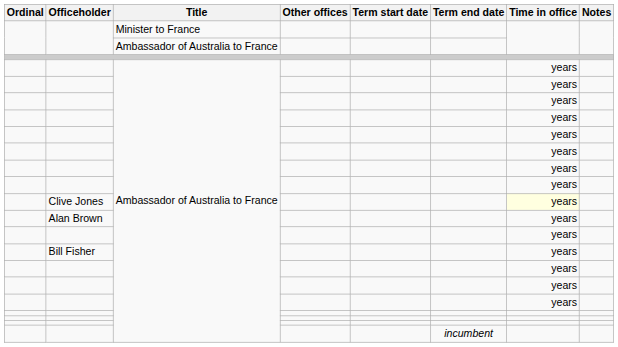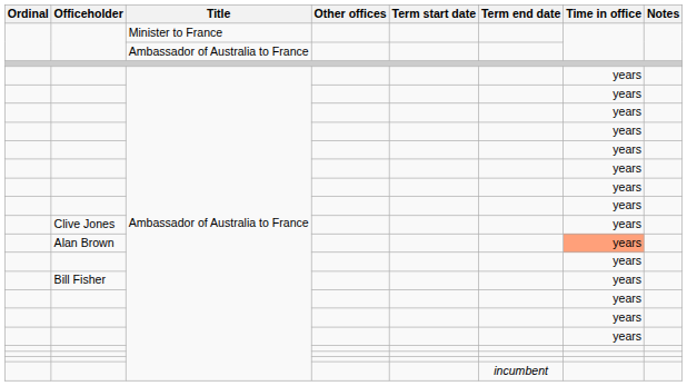 <table class='wikitable sortable'>
 <tr>
 <th>Ordinal</th>
 <th>Officeholder</th>
 <th>Title</th>
 <th>Other offices</th>
 <th>Term start date</th>
 <th>Term end date</th>
 <th>Time in office</th>
 <th>Notes</th>
 </tr>
 <tr>
 <td rowspan=2 align=center></td>
 <td rowspan=2> </td>
 <td>Minister to France</td>
 <td></td>
 <td align=center></td>
 <td align=center></td>
 <td rowspan=2 align=right></td>
 <td rowspan=2></td>
 </tr>
 <tr>
 <td>Ambassador of Australia to France</td>
 <td></td>
 <td align=center></td>
 <td align=center></td>
 </tr>
 <tr>
 <th colspan=8 style="background: #cccccc;"></th>
 </tr>
 <tr>
 <td align=center></td>
 <td> </td>
 <td rowspan=19>Ambassador of Australia to France</td>
 <td></td>
 <td align=center></td>
 <td align=center></td>
 <td align=right> years</td>
 <td></td>
 </tr>
 <tr>
 <td align=center></td>
 <td> </td>
 <td></td>
 <td align=center></td>
 <td align=center></td>
 <td align=right> years</td>
 <td></td>
 </tr>
 <tr>
 <td align=center></td>
 <td> </td>
 <td></td>
 <td align=center></td>
 <td align=center></td>
 <td align=right> years</td>
 <td></td>
 </tr>
 <tr>
 <td align=center></td>
 <td> </td>
 <td></td>
 <td align=center></td>
 <td align=center></td>
 <td align=right> years</td>
 <td></td>
 </tr>
 <tr>
 <td align=center></td>
 <td></td>
 <td></td>
 <td align=center></td>
 <td align=center></td>
 <td align=right> years</td>
 <td></td>
 </tr>
 <tr>
 <td align=center></td>
 <td> </td>
 <td></td>
 <td align=center></td>
 <td align=center></td>
 <td align=right> years</td>
 <td></td>
 </tr>
 <tr>
 <td align=center></td>
 <td></td>
 <td></td>
 <td align=center></td>
 <td align=center></td>
 <td align=right> years</td>
 <td></td>
 </tr>
 <tr>
 <td align=center></td>
 <td> </td>
 <td></td>
 <td align=center></td>
 <td align=center></td>
 <td align=right> years</td>
 <td></td>
 </tr>
 <tr>
 <td align=center></td>
 <td>Clive Jones</td>
 <td></td>
 <td align=center></td>
 <td align=center></td>
-<td align=right style="background: lightyellow;"> years</td>
+<td align=right> years</td>
 <td></td>
 </tr>
 <tr>
 <td align=center></td>
 <td>Alan Brown</td>
 <td></td>
 <td align=center></td>
 <td align=center></td>
-<td align=right> years</td>
+<td align=right style="background: lightsalmon;"> years</td>
 <td></td>
 </tr>
 <tr>
 <td align=center></td>
 <td> </td>
 <td></td>
 <td align=center></td>
 <td align=center></td>
 <td align=right> years</td>
 <td></td>
 </tr>
 <tr>
 <td align=center></td>
 <td>Bill Fisher</td>
 <td></td>
 <td align=center></td>
 <td align=center></td>
 <td align=right> years</td>
 <td></td>
 </tr>
 <tr>
 <td align=center></td>
 <td> </td>
 <td></td>
 <td align=center></td>
 <td align=center></td>
 <td align=right> years</td>
 <td></td>
 </tr>
 <tr>
 <td align=center></td>
 <td> </td>
 <td></td>
 <td align=center></td>
 <td align=center></td>
 <td align=right> years</td>
 <td></td>
 </tr>
 <tr>
 <td align=center></td>
 <td></td>
 <td></td>
 <td align=center></td>
 <td align=center></td>
 <td align=right> years</td>
 <td></td>
 </tr>
 <tr>
 <td align=center></td>
 <td> </td>
 <td></td>
 <td align=center></td>
 <td align=center></td>
 <td align=right></td>
 <td></td>
 </tr>
 <tr>
 <td align=center></td>
 <td></td>
 <td></td>
 <td align=center></td>
 <td align=center></td>
 <td align=right></td>
 <td></td>
 </tr>
 <tr>
 <td align=center></td>
 <td> </td>
 <td></td>
 <td align=center></td>
 <td align=center></td>
 <td align=right></td>
 <td></td>
 </tr>
 <tr>
 <td align=center></td>
 <td></td>
 <td></td>
 <td align=center></td>
 <td align=center><em>incumbent</em></td>
 <td align=right></td>
 <td></td>
 </tr>
 </table>
